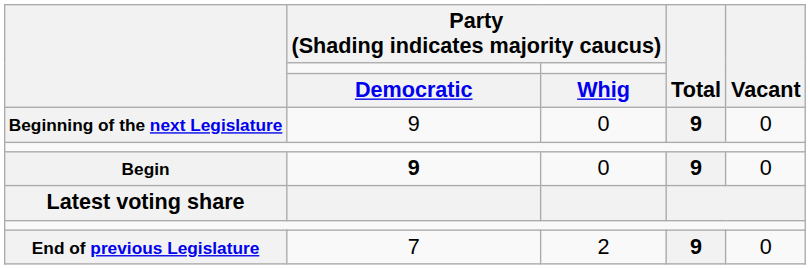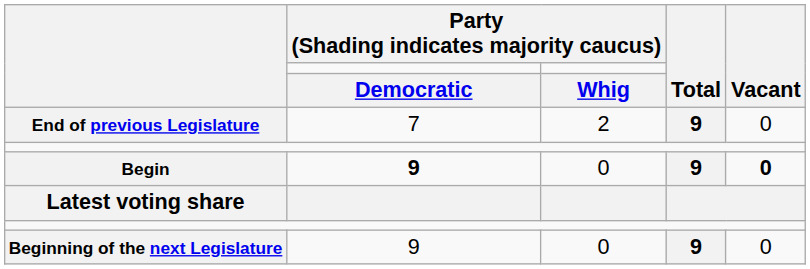 <table class=wikitable style="text-align:center">
 <tr style="vertical-align:bottom;">
 <th rowspan=3></th>
 <th colspan=2>Party <div>(Shading indicates majority caucus)</div></th>
 <th rowspan=3>Total</th>
 <th rowspan=3>Vacant</th>
 </tr>
 <tr style="height:5px">
 <td style="background-color:"></td>
 <td style="background-color:"></td>
 </tr>
 <tr>
 <th><a href='#'>Democratic</a></th>
 <th><a href='#'>Whig</a></th>
 </tr>
 <tr>
-<th style="white-space:nowrap; font-size:80%;">Beginning of the <a href='#'>next Legislature</a></th>
-<td>9</td>
-<td>0</td>
+<th style="white-space:nowrap; font-size:80%;">End of <a href='#'>previous Legislature</a></th>
+<td>7</td>
+<td>2</td>
 <th>9</th>
 <td>0</td>
 </tr>
 <tr>
 <td colspan=5></td>
 </tr>
 <tr>
 <th style="font-size:80%">Begin</th>
 <td><strong>9</strong></td>
 <td>0</td>
 <th>9</th>
-<td>0</td>
+<td><strong>0</strong></td>
 </tr>
 <tr>
 <th>Latest voting share</th>
 <th></th>
 <th></th>
 <th colspan=2></th>
 </tr>
 <tr>
 <td colspan=5></td>
 </tr>
 <tr>
-<th style="white-space:nowrap; font-size:80%;">End of <a href='#'>previous Legislature</a></th>
-<td>7</td>
-<td>2</td>
+<th style="white-space:nowrap; font-size:80%;">Beginning of the <a href='#'>next Legislature</a></th>
+<td>9</td>
+<td>0</td>
 <th>9</th>
 <td>0</td>
 </tr>
 </table>
